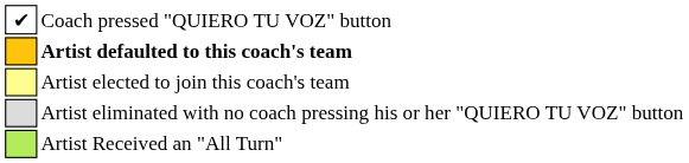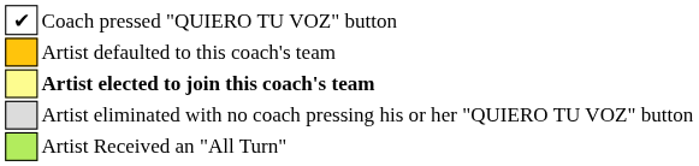 <table class="toccolours" style="font-size: 98%; white-space: nowrap">
 <tr>
 <td style="background:white; border:1px solid black"> ✔ </td>
 <td>Coach pressed "QUIERO TU VOZ" button</td>
 </tr>
 <tr>
 <td style="background:#FFC40C; border: 1px solid black">  </td>
-<td><strong>Artist defaulted to this coach's team</strong></td>
+<td>Artist defaulted to this coach's team</td>
 </tr>
 <tr>
 <td style="background:#fdfc8f; border: 1px solid black">  </td>
-<td>Artist elected to join this coach's team</td>
+<td><strong>Artist elected to join this coach's team</strong></td>
 </tr>
 <tr>
 <td style="background:#DCDCDC; border: 1px solid black">  </td>
 <td>Artist eliminated with no coach pressing his or her "QUIERO TU VOZ" button</td>
 </tr>
 <tr>
 <td style="background:#B2EC5D; border: 1px solid black">  </td>
 <td>Artist Received an "All Turn"</td>
 </tr>
 </table>
